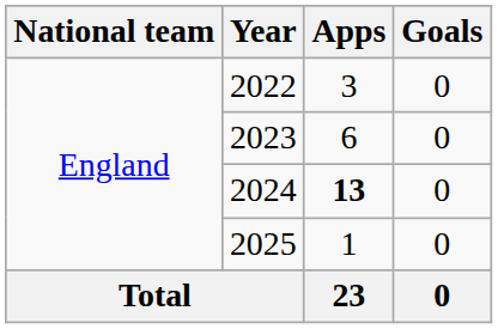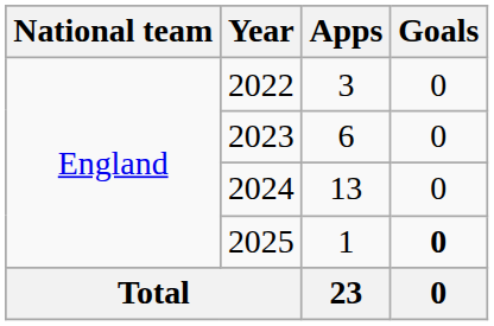 <table class="wikitable" style="text-align: center;">
 <tr>
 <th>National team</th>
 <th>Year</th>
 <th>Apps</th>
 <th>Goals</th>
 </tr>
 <tr>
 <td rowspan="4"><a href='#'>England</a></td>
 <td>2022</td>
 <td>3</td>
 <td>0</td>
 </tr>
 <tr>
 <td>2023</td>
 <td>6</td>
 <td>0</td>
 </tr>
 <tr>
 <td>2024</td>
-<td><strong>13</strong></td>
+<td>13</td>
 <td>0</td>
 </tr>
 <tr>
 <td>2025</td>
 <td>1</td>
-<td>0</td>
+<td><strong>0</strong></td>
 </tr>
 <tr>
 <th colspan="2">Total</th>
 <th>23</th>
 <th>0</th>
 </tr>
 </table>
